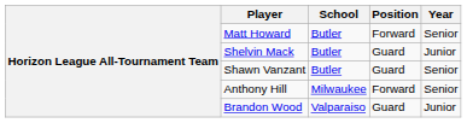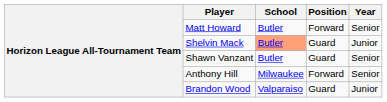 <table class="wikitable" border="1">
 <tr>
 <th rowspan=6 valign=middle>Horizon League All-Tournament Team</th>
 <th>Player</th>
 <th>School</th>
 <th>Position</th>
 <th>Year</th>
 </tr>
 <tr>
 <td><a href='#'>Matt Howard</a></td>
 <td><a href='#'>Butler</a></td>
 <td>Forward</td>
 <td>Senior</td>
 </tr>
 <tr>
 <td><a href='#'>Shelvin Mack</a></td>
-<td><a href='#'>Butler</a></td>
+<td style="background: lightsalmon;"><a href='#'>Butler</a></td>
 <td>Guard</td>
 <td>Junior</td>
 </tr>
 <tr>
 <td>Shawn Vanzant</td>
 <td><a href='#'>Butler</a></td>
 <td>Guard</td>
 <td>Senior</td>
 </tr>
 <tr>
 <td>Anthony Hill</td>
 <td><a href='#'>Milwaukee</a></td>
 <td>Forward</td>
 <td>Senior</td>
 </tr>
 <tr>
 <td><a href='#'>Brandon Wood</a></td>
 <td><a href='#'>Valparaiso</a></td>
 <td>Guard</td>
 <td>Junior</td>
 </tr>
 </table>
